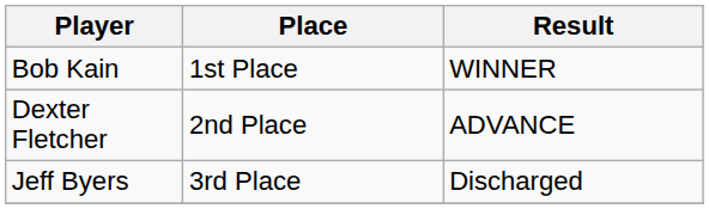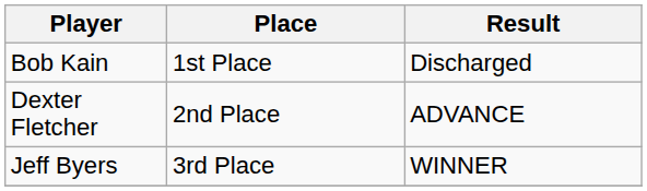 <table class="wikitable">
 <tr>
 <th width="100px">Player</th>
 <th width="150px">Place</th>
 <th width="150px">Result</th>
 </tr>
 <tr>
 <td>Bob Kain</td>
 <td>1st Place</td>
-<td>WINNER</td>
+<td>Discharged</td>
 </tr>
 <tr>
 <td>Dexter Fletcher</td>
 <td>2nd Place</td>
 <td>ADVANCE</td>
 </tr>
 <tr>
 <td>Jeff Byers</td>
 <td>3rd Place</td>
-<td>Discharged</td>
+<td>WINNER</td>
 </tr>
 <tr>
 </tr>
 </table>
